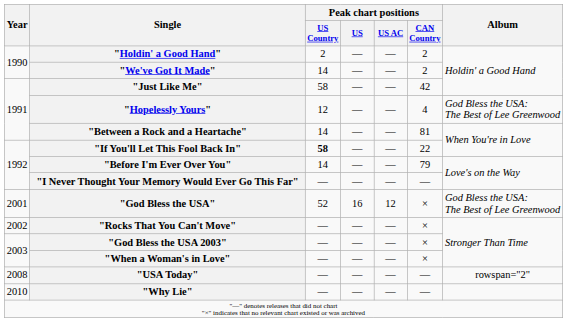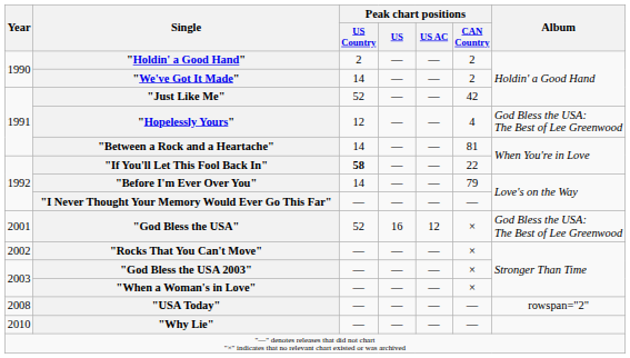 <table class="wikitable plainrowheaders" style="text-align:center">
 <tr>
 <th rowspan="2">Year</th>
 <th rowspan="2" style="width:26em;">Single</th>
 <th colspan="4">Peak chart positions</th>
 <th rowspan="2">Album</th>
 </tr>
 <tr style="font-size:smaller;">
 <th width="45"><a href='#'>US Country</a><br></th>
 <th width="45"><a href='#'>US</a><br></th>
 <th width="45"><a href='#'>US AC</a><br></th>
 <th width="45"><a href='#'>CAN Country</a><br></th>
 </tr>
 <tr>
 <td rowspan="2">1990</td>
 <th scope="row">"<a href='#'>Holdin' a Good Hand</a>"</th>
 <td>2</td>
 <td>—</td>
 <td>—</td>
 <td>2</td>
 <td align="left" rowspan="3"><em>Holdin' a Good Hand</em></td>
 </tr>
 <tr>
 <th scope="row">"<a href='#'>We've Got It Made</a>"</th>
 <td>14</td>
 <td>—</td>
 <td>—</td>
 <td>2</td>
 </tr>
 <tr>
 <td rowspan="3">1991</td>
 <th scope="row">"Just Like Me"</th>
-<td>58</td>
+<td>52</td>
 <td>—</td>
 <td>—</td>
 <td>42</td>
 </tr>
 <tr>
 <th scope="row">"<a href='#'>Hopelessly Yours</a>" </th>
 <td>12</td>
 <td>—</td>
 <td>—</td>
 <td>4</td>
 <td align="left"><em>God Bless the USA:<br>The Best of Lee Greenwood</em></td>
 </tr>
 <tr>
 <th scope="row">"Between a Rock and a Heartache"</th>
 <td>14</td>
 <td>—</td>
 <td>—</td>
 <td>81</td>
 <td align="left" rowspan="2"><em>When You're in Love</em></td>
 </tr>
 <tr>
 <td rowspan="3">1992</td>
 <th scope="row">"If You'll Let This Fool Back In"</th>
 <td><strong>58</strong></td>
 <td>—</td>
 <td>—</td>
 <td>22</td>
 </tr>
 <tr>
 <th scope="row">"Before I'm Ever Over You"</th>
 <td>14</td>
 <td>—</td>
 <td>—</td>
 <td>79</td>
 <td align="left" rowspan="2"><em>Love's on the Way</em></td>
 </tr>
 <tr>
 <th scope="row">"I Never Thought Your Memory Would Ever Go This Far"</th>
 <td>—</td>
 <td>—</td>
 <td>—</td>
 <td>—</td>
 </tr>
 <tr>
 <td>2001</td>
 <th scope="row">"God Bless the USA" </th>
 <td>52</td>
 <td>16</td>
 <td>12</td>
 <td>×</td>
 <td align="left"><em>God Bless the USA:<br>The Best of Lee Greenwood</em></td>
 </tr>
 <tr>
 <td>2002</td>
 <th scope="row">"Rocks That You Can't Move"</th>
 <td>—</td>
 <td>—</td>
 <td>—</td>
 <td>×</td>
 <td align="left" rowspan="3"><em>Stronger Than Time</em></td>
 </tr>
 <tr>
 <td rowspan="2">2003</td>
 <th scope="row">"God Bless the USA 2003"</th>
 <td>—</td>
 <td>—</td>
 <td>—</td>
 <td>×</td>
 </tr>
 <tr>
 <th scope="row">"When a Woman's in Love"</th>
 <td>—</td>
 <td>—</td>
 <td>—</td>
 <td>×</td>
 </tr>
 <tr>
 <td>2008</td>
 <th scope="row">"USA Today"</th>
 <td>—</td>
 <td>—</td>
 <td>—</td>
 <td>—</td>
 <td>rowspan="2" </td>
 </tr>
 <tr>
 <td>2010</td>
 <th scope="row">"Why Lie"</th>
 <td>—</td>
 <td>—</td>
 <td>—</td>
 <td>—</td>
 </tr>
 <tr>
 <td colspan="7" style="font-size:8pt">"—" denotes releases that did not chart<br>"×" indicates that no relevant chart existed or was archived</td>
 </tr>
 </table>
